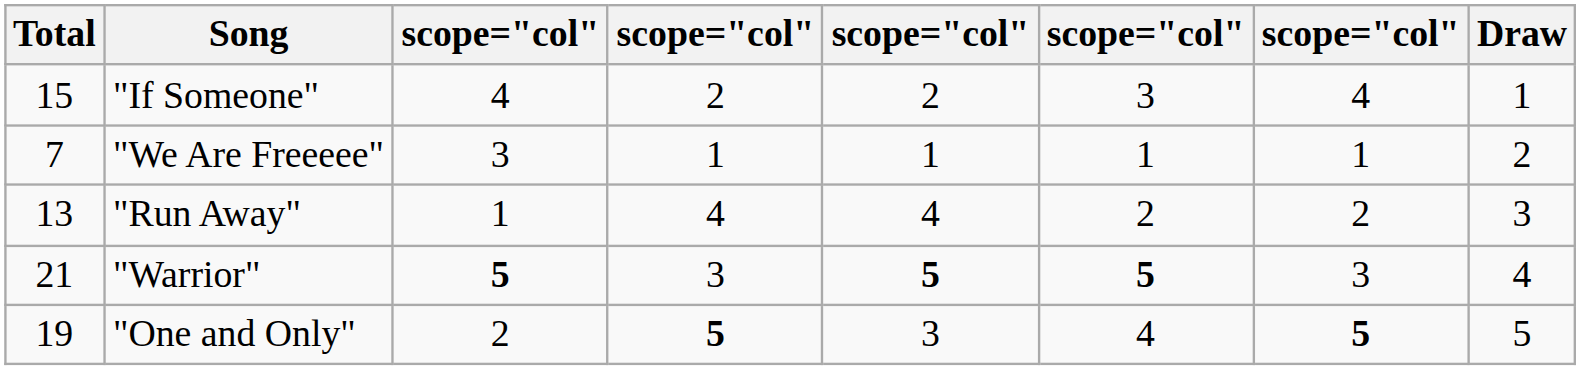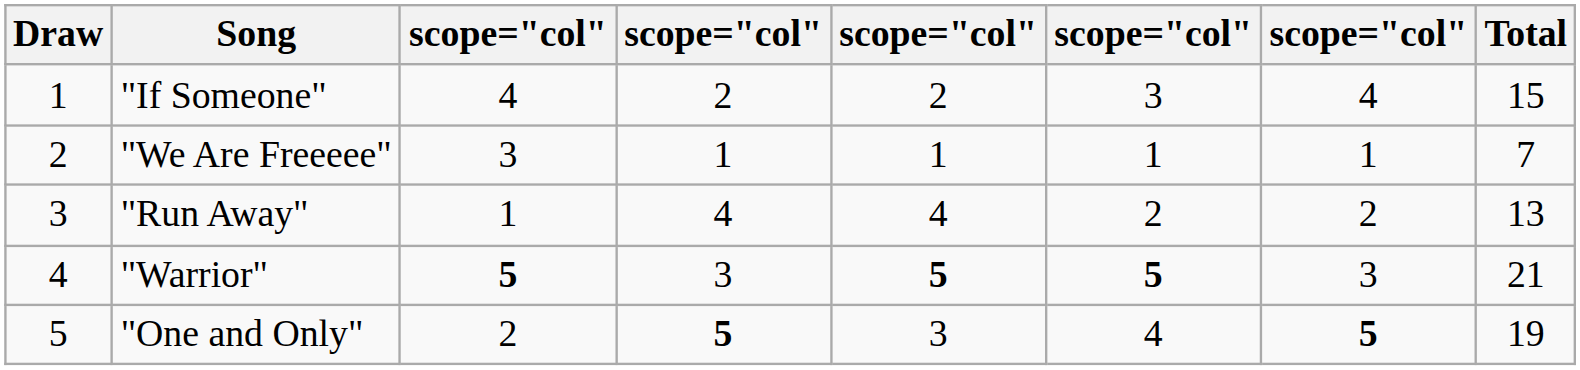 <table class="wikitable collapsible" style="margin: 1em auto 1em auto; text-align:center;">
 <tr>
-<th>Total</th>
+<th>Draw</th>
 <th>Song</th>
 <th>scope="col" </th>
 <th>scope="col" </th>
 <th>scope="col" </th>
 <th>scope="col" </th>
 <th>scope="col" </th>
-<th>Draw</th>
+<th>Total</th>
 </tr>
 <tr>
-<td>15</td>
+<td>1</td>
 <td align="left">"If Someone"</td>
 <td>4</td>
 <td>2</td>
 <td>2</td>
 <td>3</td>
 <td>4</td>
-<td>1</td>
+<td>15</td>
 </tr>
 <tr>
-<td>7</td>
+<td>2</td>
 <td align="left">"We Are Freeeee"</td>
 <td>3</td>
 <td>1</td>
 <td>1</td>
 <td>1</td>
 <td>1</td>
-<td>2</td>
+<td>7</td>
 </tr>
 <tr>
-<td>13</td>
+<td>3</td>
 <td align="left">"Run Away"</td>
 <td>1</td>
 <td>4</td>
 <td>4</td>
 <td>2</td>
 <td>2</td>
-<td>3</td>
+<td>13</td>
 </tr>
 <tr>
-<td>21</td>
+<td>4</td>
 <td align="left">"Warrior"</td>
 <td><strong>5</strong></td>
 <td>3</td>
 <td><strong>5</strong></td>
 <td><strong>5</strong></td>
 <td>3</td>
-<td>4</td>
+<td>21</td>
 </tr>
 <tr>
-<td>19</td>
+<td>5</td>
 <td align="left">"One and Only"</td>
 <td>2</td>
 <td><strong>5</strong></td>
 <td>3</td>
 <td>4</td>
 <td><strong>5</strong></td>
-<td>5</td>
+<td>19</td>
 </tr>
 </table>
